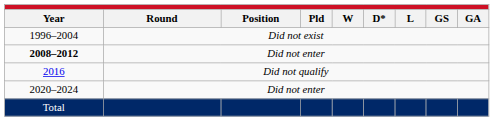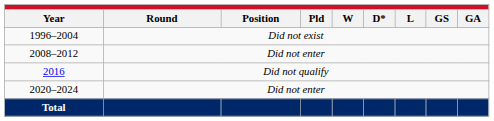 <table class="wikitable" style="text-align: center;font-size:90%;">
 <tr>
 <th colspan="9" style="background: #CE1126; color: #FFFFFF;"><a href='#'></a></th>
 </tr>
 <tr>
 <th width=125>Year</th>
 <th width=150>Round</th>
 <th width=100>Position</th>
 <th width=35>Pld</th>
 <th width=35>W</th>
 <th width=35>D*</th>
 <th width=35>L</th>
 <th width=35>GS</th>
 <th width=35>GA</th>
 </tr>
 <tr>
 <td>1996–2004</td>
 <td colspan="8"><em>Did not exist</em></td>
 </tr>
 <tr>
-<td><strong>2008–2012</strong></td>
+<td>2008–2012</td>
 <td colspan="8"><em>Did not enter</em></td>
 </tr>
 <tr>
 <td> <a href='#'>2016</a></td>
 <td colspan="8"><em>Did not qualify</em></td>
 </tr>
 <tr>
 <td>2020–2024</td>
 <td colspan="8"><em>Did not enter</em></td>
 </tr>
 <tr>
-<td colspan=1 style="background: #002868; color: #FFFFFF;">Total</td>
+<td colspan=1 style="background: #002868; color: #FFFFFF;"><strong>Total</strong></td>
 <td style="background: #002868; color: #FFFFFF;"></td>
 <td style="background: #002868; color: #FFFFFF;"></td>
 <td style="background: #002868; color: #FFFFFF;"></td>
 <td style="background: #002868; color: #FFFFFF;"></td>
 <td style="background: #002868; color: #FFFFFF;"></td>
 <td style="background: #002868; color: #FFFFFF;"></td>
 <td style="background: #002868; color: #FFFFFF;"></td>
 <td style="background: #002868; color: #FFFFFF;"></td>
 </tr>
 </table>
